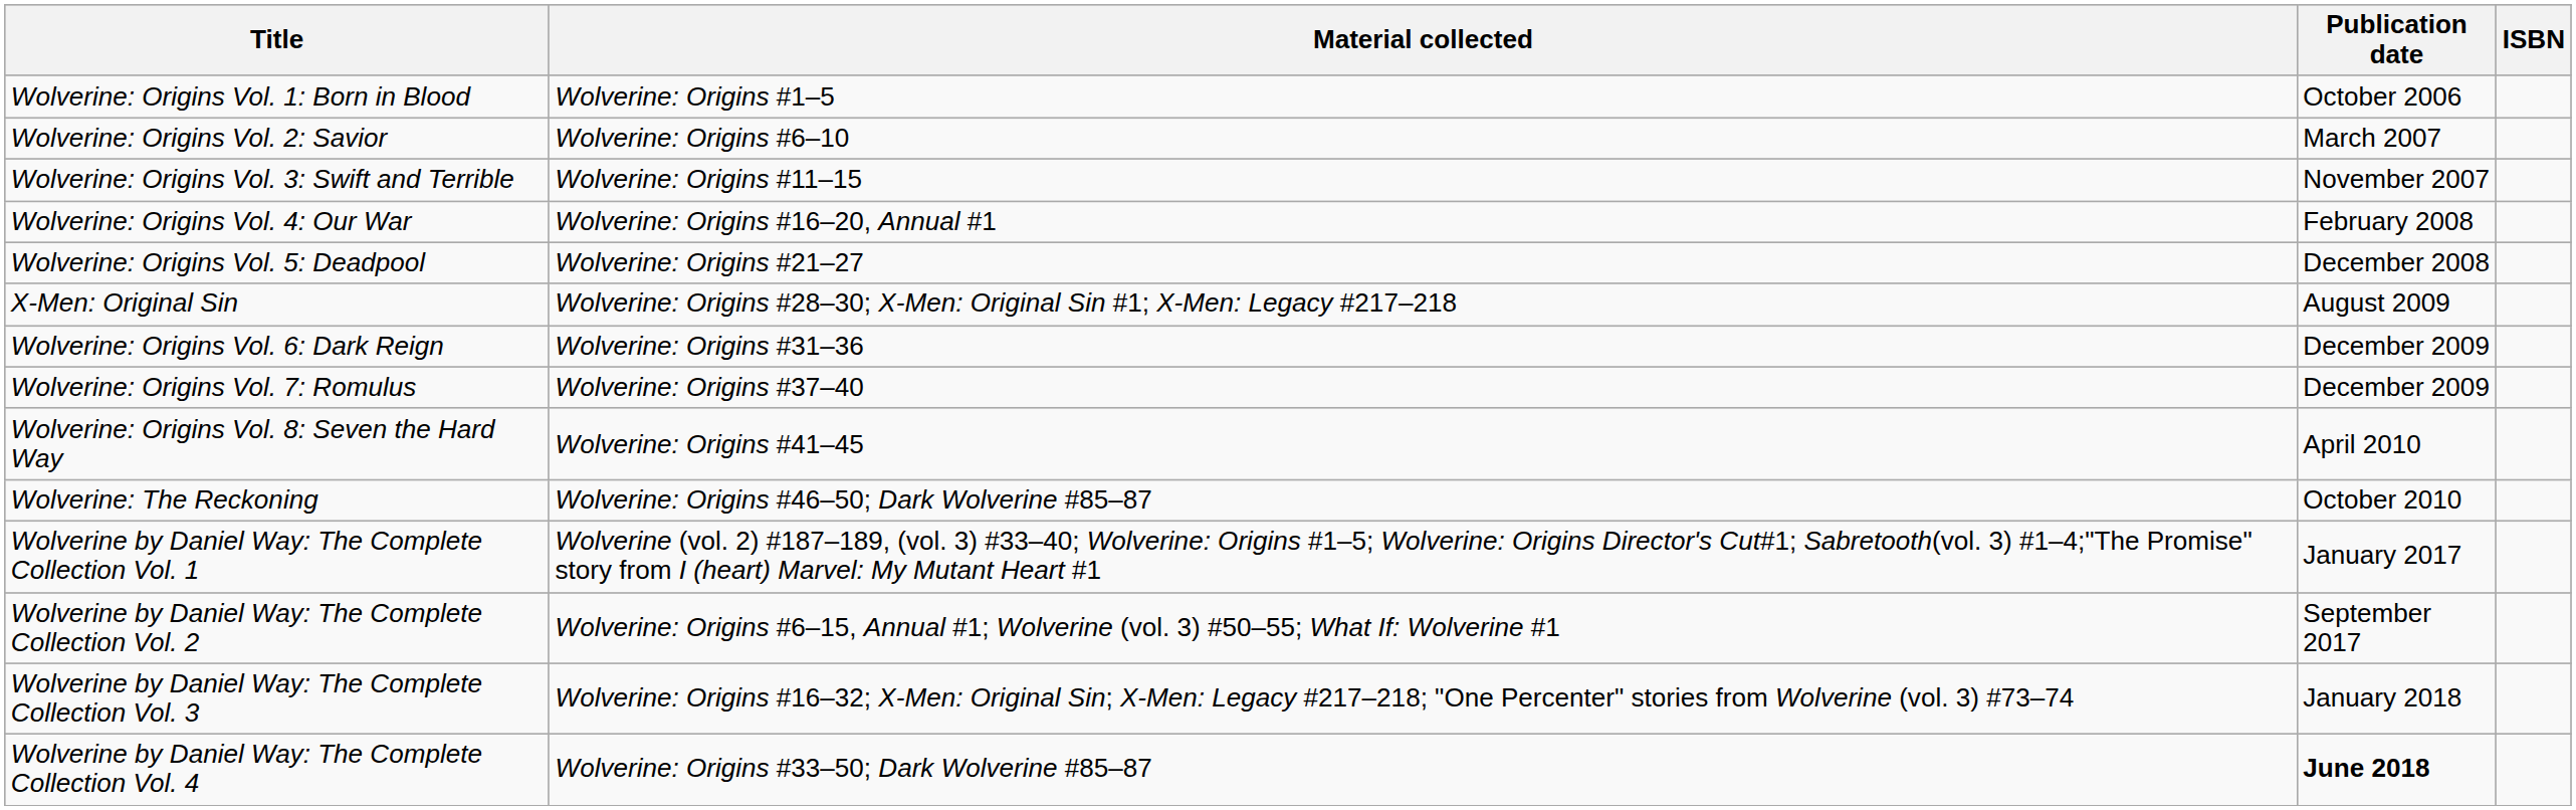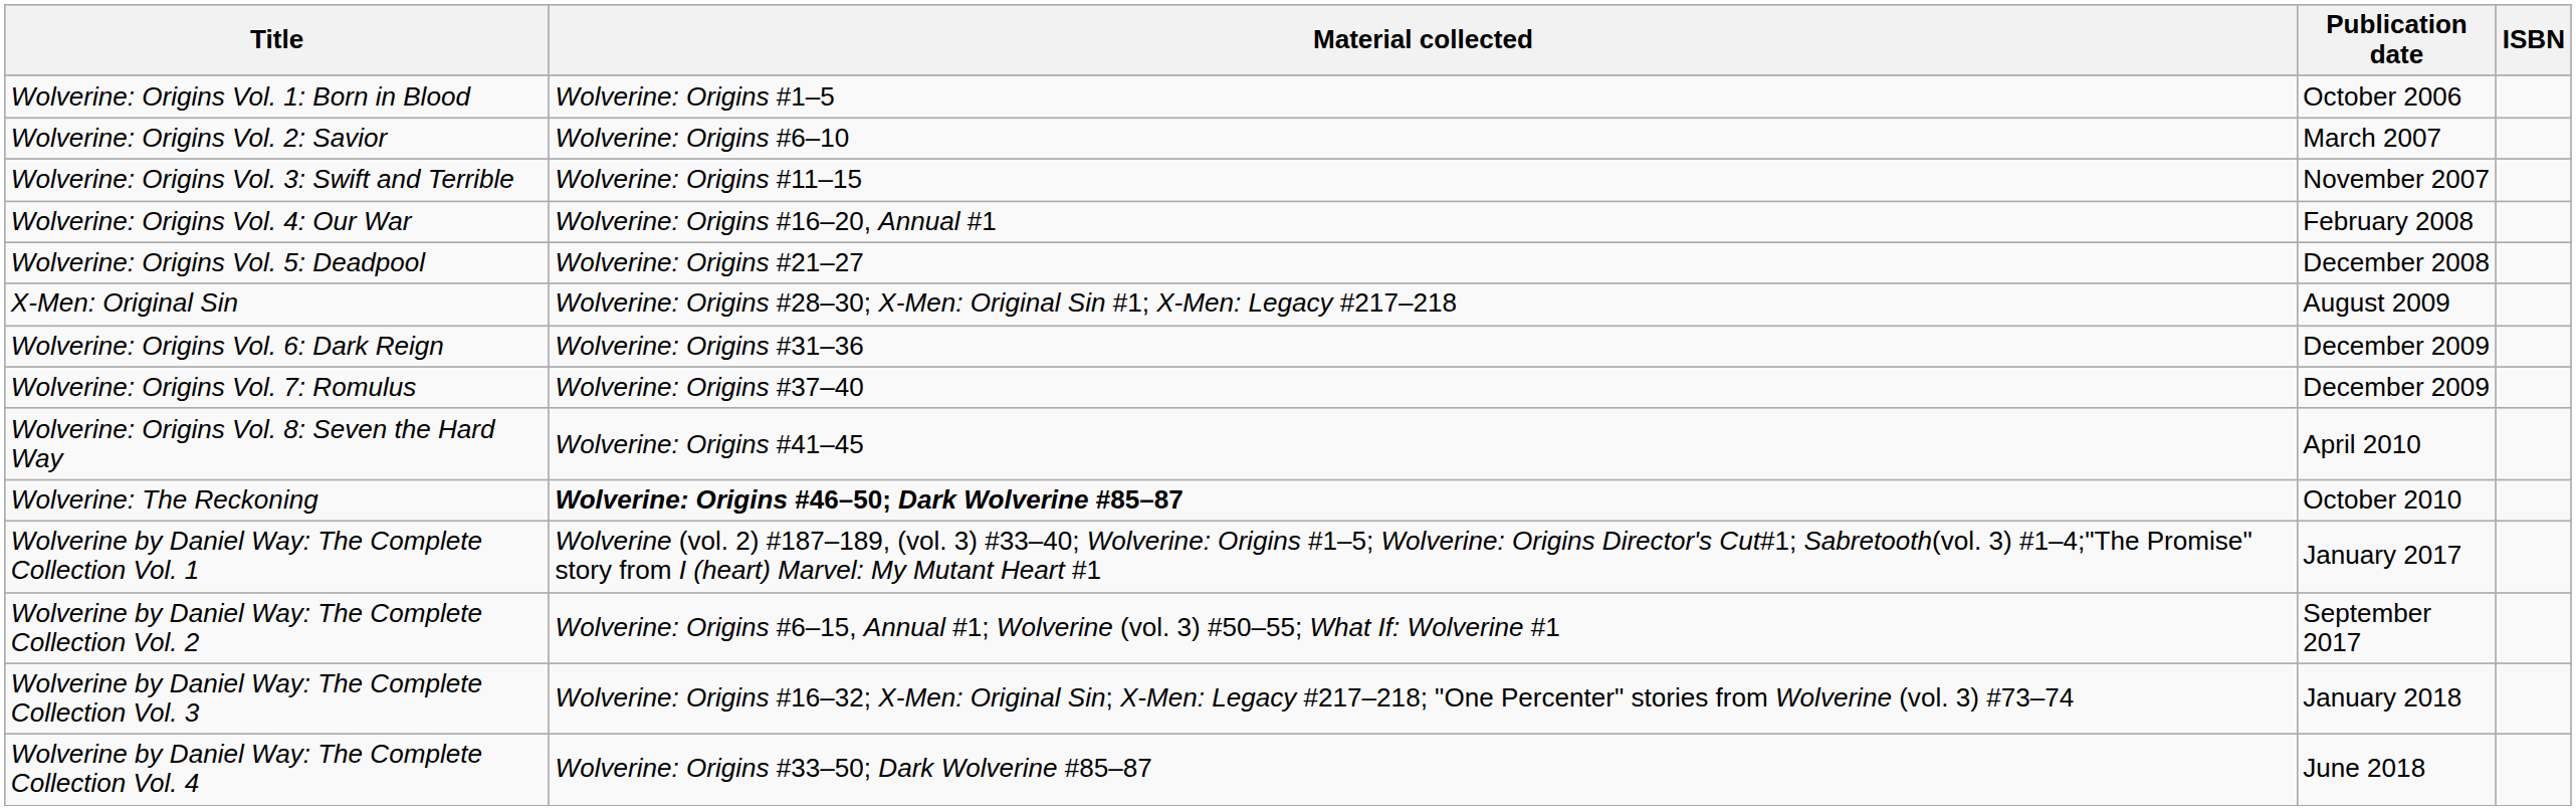 <table class="wikitable">
 <tr>
 <th>Title</th>
 <th>Material collected</th>
 <th>Publication date</th>
 <th>ISBN</th>
 </tr>
 <tr>
 <td><em>Wolverine: Origins Vol. 1: Born in Blood</em></td>
 <td><em>Wolverine: Origins</em> #1–5</td>
 <td>October 2006</td>
 <td></td>
 </tr>
 <tr>
 <td><em>Wolverine: Origins Vol. 2: Savior</em></td>
 <td><em>Wolverine: Origins</em> #6–10</td>
 <td>March 2007</td>
 <td></td>
 </tr>
 <tr>
 <td><em>Wolverine: Origins Vol. 3: Swift and Terrible</em></td>
 <td><em>Wolverine: Origins</em> #11–15</td>
 <td>November 2007</td>
 <td></td>
 </tr>
 <tr>
 <td><em>Wolverine: Origins Vol. 4: Our War</em></td>
 <td><em>Wolverine: Origins</em> #16–20, <em>Annual</em> #1</td>
 <td>February 2008</td>
 <td></td>
 </tr>
 <tr>
 <td><em>Wolverine: Origins Vol. 5: Deadpool</em></td>
 <td><em>Wolverine: Origins</em> #21–27</td>
 <td>December 2008</td>
 <td></td>
 </tr>
 <tr>
 <td><em>X-Men: Original Sin</em></td>
 <td><em>Wolverine: Origins</em> #28–30; <em>X-Men: Original Sin</em> #1; <em>X-Men: Legacy</em> #217–218</td>
 <td>August 2009</td>
 <td></td>
 </tr>
 <tr>
 <td><em>Wolverine: Origins Vol. 6: Dark Reign</em></td>
 <td><em>Wolverine: Origins</em> #31–36</td>
 <td>December 2009</td>
 <td></td>
 </tr>
 <tr>
 <td><em>Wolverine: Origins Vol. 7: Romulus</em></td>
 <td><em>Wolverine: Origins</em> #37–40</td>
 <td>December 2009</td>
 <td></td>
 </tr>
 <tr>
 <td><em>Wolverine: Origins Vol. 8: Seven the Hard Way</em></td>
 <td><em>Wolverine: Origins</em> #41–45</td>
 <td>April 2010</td>
 <td></td>
 </tr>
 <tr>
 <td><em>Wolverine: The Reckoning</em></td>
-<td><em>Wolverine: Origins</em> #46–50; <em>Dark Wolverine</em> #85–87</td>
+<td><strong><em>Wolverine: Origins</em> #46–50; <em>Dark Wolverine</em> #85–87</strong></td>
 <td>October 2010</td>
 <td></td>
 </tr>
 <tr>
 <td><em>Wolverine by Daniel Way: The Complete Collection Vol. 1</em></td>
 <td><em>Wolverine</em> (vol. 2) #187–189, (vol. 3) #33–40; <em>Wolverine: Origins</em> #1–5; <em>Wolverine: Origins Director's Cut</em>#1;<em> Sabretooth</em>(vol. 3) #1–4;"The Promise" story from<em> I (heart) Marvel: My Mutant Heart</em> #1</td>
 <td>January 2017</td>
 <td></td>
 </tr>
 <tr>
 <td><em>Wolverine by Daniel Way: The Complete Collection Vol. 2</em></td>
 <td><em>Wolverine: Origins</em> #6–15, <em>Annual</em> #1; <em>Wolverine</em> (vol. 3) #50–55; <em>What If: Wolverine</em> #1</td>
 <td>September 2017</td>
 <td></td>
 </tr>
 <tr>
 <td><em>Wolverine by Daniel Way: The Complete Collection Vol. 3</em></td>
 <td><em>Wolverine: Origins</em> #16–32; <em>X-Men: Original Sin</em>; <em>X-Men: Legacy</em> #217–218; "One Percenter" stories from <em>Wolverine</em> (vol. 3) #73–74</td>
 <td>January 2018</td>
 <td></td>
 </tr>
 <tr>
 <td><em>Wolverine by Daniel Way: The Complete Collection Vol. 4</em></td>
 <td><em>Wolverine: Origins</em> #33–50; <em>Dark Wolverine</em> #85–87</td>
-<td><strong>June 2018</strong></td>
+<td>June 2018</td>
 <td></td>
 </tr>
 <tr>
 </tr>
 </table>
